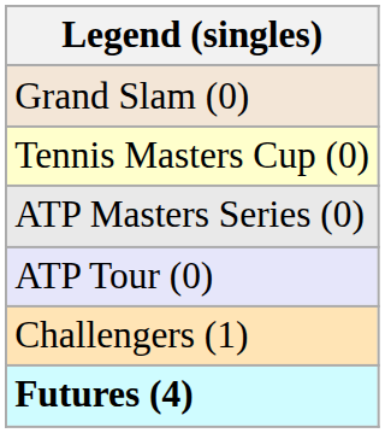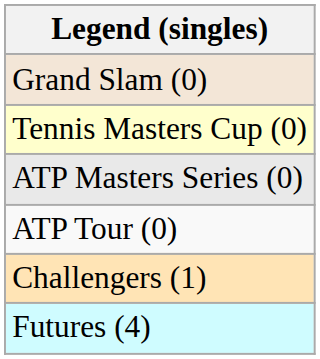 <table class="wikitable">
 <tr>
 <th>Legend (singles)</th>
 </tr>
 <tr style="background:#f3e6d7;">
 <td>Grand Slam (0)</td>
 </tr>
 <tr style="background:#ffc;">
 <td>Tennis Masters Cup (0)</td>
 </tr>
 <tr style="background:#e9e9e9;">
 <td>ATP Masters Series (0)</td>
 </tr>
 <tr>
-<td style="background: lavender;">ATP Tour (0)</td>
+<td>ATP Tour (0)</td>
 </tr>
 <tr style="background:moccasin;">
 <td>Challengers (1)</td>
 </tr>
 <tr style="background:#cffcff;">
-<td><strong>Futures (4)</strong></td>
+<td>Futures (4)</td>
 </tr>
 </table>
